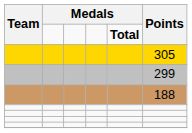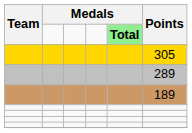 <table class="wikitable" style="text-align:center;">
 <tr>
 <th rowspan=2>Team</th>
 <th colspan=4>Medals</th>
 <th rowspan=2>Points</th>
 </tr>
 <tr>
 <td width=20px></td>
 <td width=20px></td>
 <td width=20px></td>
-<td><strong>Total</strong></td>
+<td style="background: lightgreen;"><strong>Total</strong></td>
 </tr>
 <tr bgcolor=gold>
 <td align=left></td>
 <td></td>
 <td></td>
 <td></td>
 <td></td>
 <td>305</td>
 </tr>
 <tr bgcolor=silver>
 <td align=left></td>
 <td></td>
 <td></td>
 <td></td>
 <td></td>
-<td>299</td>
+<td>289</td>
 </tr>
 <tr bgcolor="CC9966">
 <td align=left></td>
 <td></td>
 <td></td>
 <td></td>
 <td></td>
-<td>188</td>
+<td>189</td>
 </tr>
 <tr>
 <td align=left></td>
 <td></td>
 <td></td>
 <td></td>
 <td></td>
 <td></td>
 </tr>
 <tr>
 <td align=left></td>
 <td></td>
 <td></td>
 <td></td>
 <td></td>
 <td></td>
 </tr>
 <tr>
 <td align=left></td>
 <td></td>
 <td></td>
 <td></td>
 <td></td>
 <td></td>
 </tr>
 <tr>
 <td align=left></td>
 <td></td>
 <td></td>
 <td></td>
 <td></td>
 <td></td>
 </tr>
 <tr>
 </tr>
 </table>
